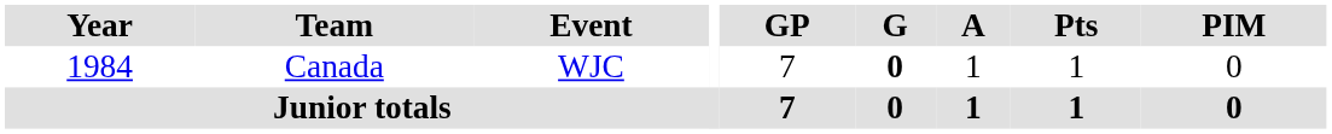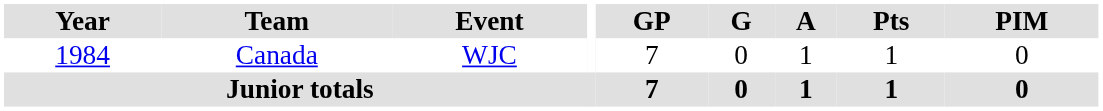 <table border="0" cellpadding="1" cellspacing="0" ID="Table3" style="text-align:center; width:40em">
 <tr bgcolor="#e0e0e0">
 <th>Year</th>
 <th>Team</th>
 <th>Event</th>
 <th rowspan="102" bgcolor="#ffffff"></th>
 <th>GP</th>
 <th>G</th>
 <th>A</th>
 <th>Pts</th>
 <th>PIM</th>
 </tr>
 <tr>
 <td><a href='#'>1984</a></td>
 <td><a href='#'>Canada</a></td>
 <td><a href='#'>WJC</a></td>
 <td>7</td>
-<td><strong>0</strong></td>
+<td>0</td>
 <td>1</td>
 <td>1</td>
 <td>0</td>
 </tr>
 <tr bgcolor="#e0e0e0">
 <th colspan="4">Junior totals</th>
 <th>7</th>
 <th>0</th>
 <th>1</th>
 <th>1</th>
 <th>0</th>
 </tr>
 </table>
